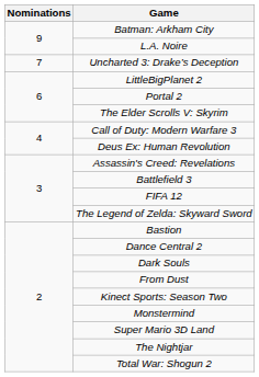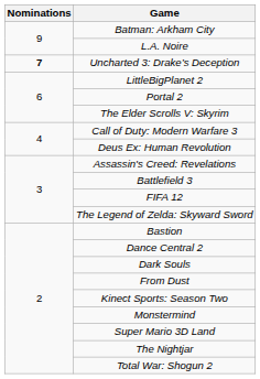 <table class="wikitable" style="text-align:center;">
 <tr>
 <th scope="col" width="55">Nominations</th>
 <th scope="col" align="center">Game</th>
 </tr>
 <tr>
 <td rowspan=2 style="text-align:center">9</td>
 <td><em>Batman: Arkham City</em></td>
 </tr>
 <tr>
 <td><em>L.A. Noire</em></td>
 </tr>
 <tr>
-<td style="text-align:center">7</td>
+<td style="text-align:center"><strong>7</strong></td>
 <td><em>Uncharted 3: Drake’s Deception</em></td>
 </tr>
 <tr>
 <td rowspan=3 style="text-align:center">6</td>
 <td><em>LittleBigPlanet 2</em></td>
 </tr>
 <tr>
 <td><em>Portal 2</em></td>
 </tr>
 <tr>
 <td><em>The Elder Scrolls V: Skyrim</em></td>
 </tr>
 <tr>
 <td rowspan=2 style="text-align:center">4</td>
 <td><em>Call of Duty: Modern Warfare 3</em></td>
 </tr>
 <tr>
 <td><em>Deus Ex: Human Revolution</em></td>
 </tr>
 <tr>
 <td rowspan=4 style="text-align:center">3</td>
 <td><em>Assassin's Creed: Revelations</em></td>
 </tr>
 <tr>
 <td><em>Battlefield 3</em></td>
 </tr>
 <tr>
 <td><em>FIFA 12</em></td>
 </tr>
 <tr>
 <td><em>The Legend of Zelda: Skyward Sword</em></td>
 </tr>
 <tr>
 <td rowspan=9 style="text-align:center">2</td>
 <td><em>Bastion</em></td>
 </tr>
 <tr>
 <td><em>Dance Central 2</em></td>
 </tr>
 <tr>
 <td><em>Dark Souls</em></td>
 </tr>
 <tr>
 <td><em>From Dust</em></td>
 </tr>
 <tr>
 <td><em>Kinect Sports: Season Two</em></td>
 </tr>
 <tr>
 <td><em>Monstermind</em></td>
 </tr>
 <tr>
 <td><em>Super Mario 3D Land</em></td>
 </tr>
 <tr>
 <td><em>The Nightjar</em></td>
 </tr>
 <tr>
 <td><em>Total War: Shogun 2</em></td>
 </tr>
 </table>
